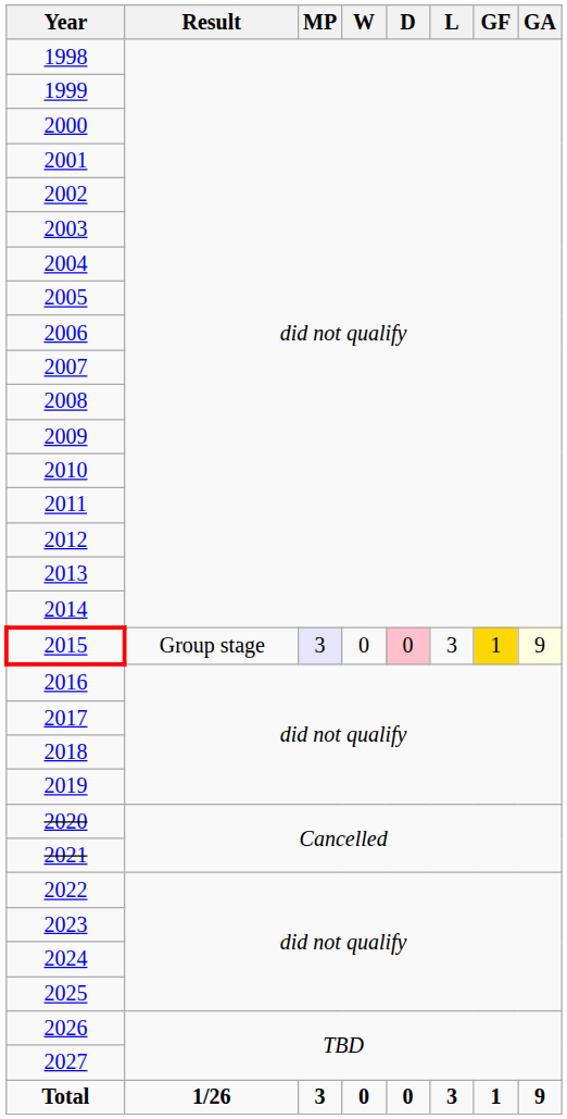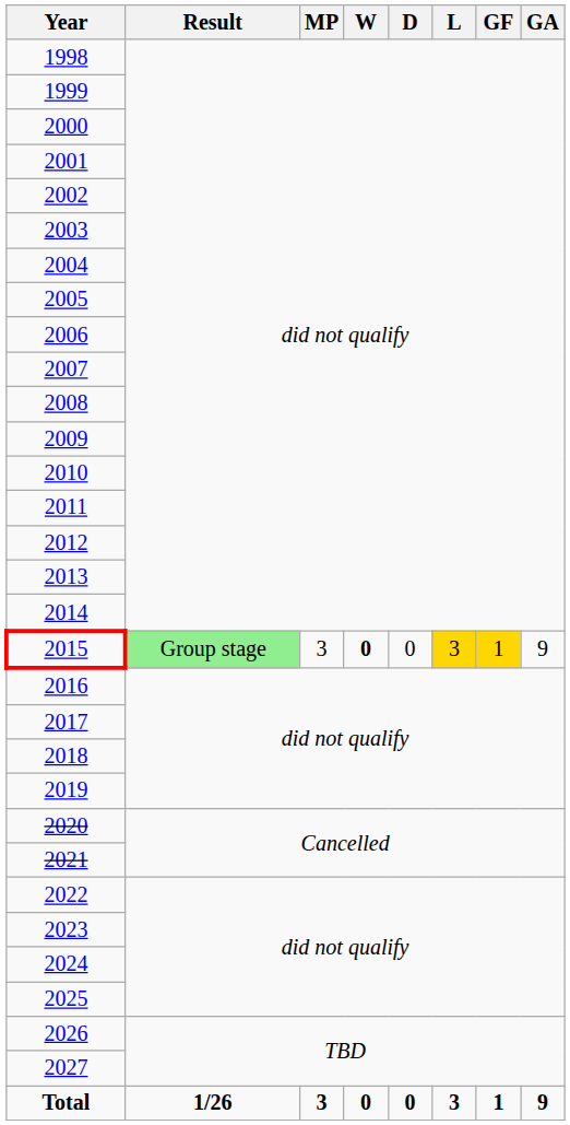 <table class="wikitable" style="text-align: center;">
 <tr>
 <th width=80>Year</th>
 <th width=120>Result</th>
 <th width=25>MP</th>
 <th width=25>W</th>
 <th width=25>D</th>
 <th width=25>L</th>
 <th width=25>GF</th>
 <th width=25>GA</th>
 </tr>
 <tr>
 <td><a href='#'>1998</a></td>
 <td colspan=7 rowspan=17><em>did not qualify</em></td>
 </tr>
 <tr>
 <td> <a href='#'>1999</a></td>
 </tr>
 <tr>
 <td> <a href='#'>2000</a></td>
 </tr>
 <tr>
 <td> <a href='#'>2001</a></td>
 </tr>
 <tr>
 <td> <a href='#'>2002</a></td>
 </tr>
 <tr>
 <td> <a href='#'>2003</a></td>
 </tr>
 <tr>
 <td> <a href='#'>2004</a></td>
 </tr>
 <tr>
 <td> <a href='#'>2005</a></td>
 </tr>
 <tr>
 <td> <a href='#'>2006</a></td>
 </tr>
 <tr>
 <td> <a href='#'>2007</a></td>
 </tr>
 <tr>
 <td> <a href='#'>2008</a></td>
 </tr>
 <tr>
 <td> <a href='#'>2009</a></td>
 </tr>
 <tr>
 <td> <a href='#'>2010</a></td>
 </tr>
 <tr>
 <td> <a href='#'>2011</a></td>
 </tr>
 <tr>
 <td> <a href='#'>2012</a></td>
 </tr>
 <tr>
 <td> <a href='#'>2013</a></td>
 </tr>
 <tr>
 <td> <a href='#'>2014</a></td>
 </tr>
 <tr>
 <td style="border: 3px solid red"> <a href='#'>2015</a></td>
-<td>Group stage</td>
-<td style="background: lavender;">3</td>
+<td style="background: lightgreen;">Group stage</td>
+<td>3</td>
+<td><strong>0</strong></td>
 <td>0</td>
-<td style="background: pink;">0</td>
-<td>3</td>
+<td style="background: gold;">3</td>
 <td style="background: gold;">1</td>
-<td style="background: lightyellow;">9</td>
+<td>9</td>
 </tr>
 <tr>
 <td> <a href='#'>2016</a></td>
 <td colspan=7 rowspan=4><em>did not qualify</em></td>
 </tr>
 <tr>
 <td> <a href='#'>2017</a></td>
 </tr>
 <tr>
 <td> <a href='#'>2018</a></td>
 </tr>
 <tr>
 <td> <a href='#'>2019</a></td>
 </tr>
 <tr>
 <td> <s><a href='#'>2020</a></s></td>
 <td colspan=7 rowspan=2><em>Cancelled</em></td>
 </tr>
 <tr>
 <td> <s><a href='#'>2021</a></s></td>
 </tr>
 <tr>
 <td> <a href='#'>2022</a></td>
 <td colspan=7 rowspan=4><em>did not qualify</em></td>
 </tr>
 <tr>
 <td> <a href='#'>2023</a></td>
 </tr>
 <tr>
 <td> <a href='#'>2024</a></td>
 </tr>
 <tr>
 <td> <a href='#'>2025</a></td>
 </tr>
 <tr>
 <td> <a href='#'>2026</a></td>
 <td colspan=7 rowspan=2><em>TBD</em></td>
 </tr>
 <tr>
 <td> <a href='#'>2027</a></td>
 </tr>
 <tr>
 <td><strong>Total</strong></td>
 <td><strong>1/26</strong></td>
 <td><strong>3</strong></td>
 <td><strong>0</strong></td>
 <td><strong>0</strong></td>
 <td><strong>3</strong></td>
 <td><strong>1</strong></td>
 <td><strong>9</strong></td>
 </tr>
 <tr>
 </tr>
 </table>
